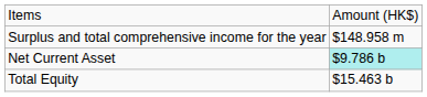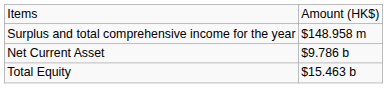 <table class="wikitable">
 <tr>
 <td>Items</td>
 <td>Amount (HK$)</td>
 </tr>
 <tr>
 <td>Surplus and total comprehensive income for the year</td>
 <td>$148.958 m</td>
 </tr>
 <tr>
 <td>Net Current Asset</td>
-<td style="background: paleturquoise;">$9.786 b</td>
+<td>$9.786 b</td>
 </tr>
 <tr>
 <td>Total Equity</td>
 <td>$15.463 b</td>
 </tr>
 </table>
